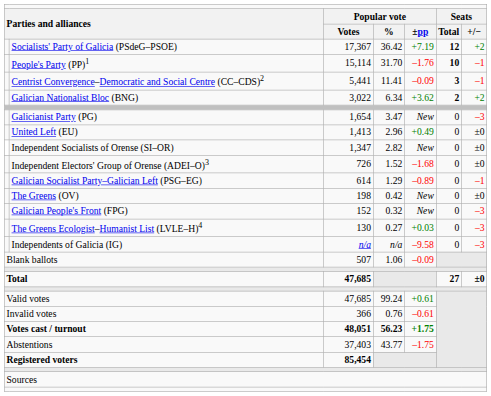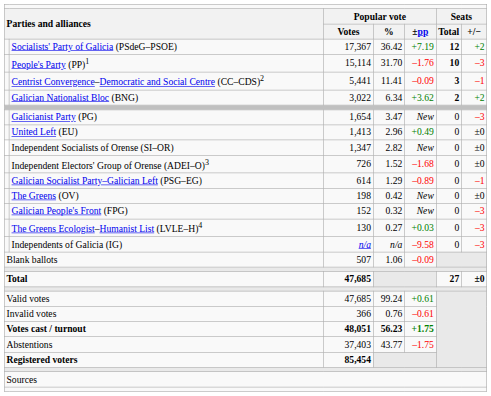 <table class="wikitable" style="text-align:right;">
 <tr>
 <td colspan="7"></td>
 </tr>
 <tr>
 <th style="text-align:left;" rowspan="2" colspan="2" width="525">Parties and alliances</th>
 <th colspan="3">Popular vote</th>
 <th colspan="2">Seats</th>
 </tr>
 <tr>
 <th width="75">Votes</th>
 <th width="45">%</th>
 <th width="45">±<a href='#'>pp</a></th>
 <th width="35">Total</th>
 <th width="35">+/−</th>
 </tr>
 <tr>
 <td width="1" style="color:inherit;background:"></td>
 <td align="left"><a href='#'>Socialists' Party of Galicia</a> (PSdeG–PSOE)</td>
 <td>17,367</td>
 <td>36.42</td>
 <td style="color:green;">+7.19</td>
 <td><strong>12</strong></td>
 <td style="color:green;">+2</td>
 </tr>
 <tr>
 <td style="color:inherit;background:"></td>
 <td align="left"><a href='#'>People's Party</a> (PP)<sup>1</sup></td>
 <td>15,114</td>
 <td>31.70</td>
 <td style="color:red;">–1.76</td>
 <td><strong>10</strong></td>
-<td style="color:red;">–1</td>
+<td style="color:red;">–3</td>
 </tr>
 <tr>
 <td style="color:inherit;background:"></td>
 <td align="left"><a href='#'>Centrist Convergence</a>–<a href='#'>Democratic and Social Centre</a> (CC–CDS)<sup>2</sup></td>
 <td>5,441</td>
 <td>11.41</td>
 <td style="color:red;">–0.09</td>
 <td><strong>3</strong></td>
 <td style="color:red;">–1</td>
 </tr>
 <tr>
 <td style="color:inherit;background:"></td>
 <td align="left"><a href='#'>Galician Nationalist Bloc</a> (BNG)</td>
 <td>3,022</td>
 <td>6.34</td>
 <td style="color:green;">+3.62</td>
 <td><strong>2</strong></td>
 <td style="color:green;">+2</td>
 </tr>
 <tr>
 <td colspan="7" bgcolor="#C0C0C0"></td>
 </tr>
 <tr>
 <td style="color:inherit;background:"></td>
 <td align="left"><a href='#'>Galicianist Party</a> (PG)</td>
 <td>1,654</td>
 <td>3.47</td>
 <td><em>New</em></td>
 <td>0</td>
 <td style="color:red;">–3</td>
 </tr>
 <tr>
 <td style="color:inherit;background:"></td>
 <td align="left"><a href='#'>United Left</a> (EU)</td>
 <td>1,413</td>
 <td>2.96</td>
 <td style="color:green;">+0.49</td>
 <td>0</td>
 <td>±0</td>
 </tr>
 <tr>
 <td bgcolor="white"></td>
 <td align="left">Independent Socialists of Orense (SI–OR)</td>
 <td>1,347</td>
 <td>2.82</td>
 <td><em>New</em></td>
 <td>0</td>
 <td>±0</td>
 </tr>
 <tr>
 <td style="color:inherit;background:"></td>
 <td align="left">Independent Electors' Group of Orense (ADEI–O)<sup>3</sup></td>
 <td>726</td>
 <td>1.52</td>
 <td style="color:red;">–1.68</td>
 <td>0</td>
 <td>±0</td>
 </tr>
 <tr>
 <td style="color:inherit;background:"></td>
 <td align="left"><a href='#'>Galician Socialist Party–Galician Left</a> (PSG–EG)</td>
 <td>614</td>
 <td>1.29</td>
 <td style="color:red;">–0.89</td>
 <td>0</td>
 <td style="color:red;">–1</td>
 </tr>
 <tr>
 <td style="color:inherit;background:"></td>
 <td align="left"><a href='#'>The Greens</a> (OV)</td>
 <td>198</td>
 <td>0.42</td>
 <td><em>New</em></td>
 <td>0</td>
 <td>±0</td>
 </tr>
 <tr>
 <td style="color:inherit;background:"></td>
 <td align="left"><a href='#'>Galician People's Front</a> (FPG)</td>
 <td>152</td>
 <td>0.32</td>
 <td><em>New</em></td>
 <td>0</td>
 <td style="color:red;">–3</td>
 </tr>
 <tr>
 <td style="color:inherit;background:"></td>
 <td align="left"><a href='#'>The Greens Ecologist</a>–<a href='#'>Humanist List</a> (LVLE–H)<sup>4</sup></td>
 <td>130</td>
 <td>0.27</td>
 <td style="color:green;">+0.03</td>
 <td>0</td>
 <td style="color:red;">–3</td>
 </tr>
 <tr>
 <td style="color:inherit;background:"></td>
 <td align="left">Independents of Galicia (IG)</td>
 <td><em><a href='#'>n/a</a></em></td>
 <td><em>n/a</em></td>
 <td style="color:red;">–9.58</td>
 <td>0</td>
 <td style="color:red;">–3</td>
 </tr>
 <tr>
 <td align="left" colspan="2">Blank ballots</td>
 <td>507</td>
 <td>1.06</td>
 <td style="color:red;">–0.09</td>
 <td bgcolor="#E9E9E9" colspan="2"></td>
 </tr>
 <tr>
 <td colspan="7" bgcolor="#E9E9E9"></td>
 </tr>
 <tr style="font-weight:bold;">
 <td align="left" colspan="2">Total</td>
 <td>47,685</td>
 <td bgcolor="#E9E9E9" colspan="2"></td>
 <td>27</td>
 <td>±0</td>
 </tr>
 <tr>
 <td colspan="7" bgcolor="#E9E9E9"></td>
 </tr>
 <tr>
 <td align="left" colspan="2">Valid votes</td>
 <td>47,685</td>
 <td>99.24</td>
 <td style="color:green;">+0.61</td>
 <td bgcolor="#E9E9E9" colspan="2" rowspan="5"></td>
 </tr>
 <tr>
 <td align="left" colspan="2">Invalid votes</td>
 <td>366</td>
 <td>0.76</td>
 <td style="color:red;">–0.61</td>
 </tr>
 <tr style="font-weight:bold;">
 <td align="left" colspan="2">Votes cast / turnout</td>
 <td>48,051</td>
 <td>56.23</td>
 <td style="color:green;">+1.75</td>
 </tr>
 <tr>
 <td align="left" colspan="2">Abstentions</td>
 <td>37,403</td>
 <td>43.77</td>
 <td style="color:red;">–1.75</td>
 </tr>
 <tr style="font-weight:bold;">
 <td align="left" colspan="2">Registered voters</td>
 <td>85,454</td>
 <td bgcolor="#E9E9E9" colspan="2"></td>
 </tr>
 <tr>
 <td colspan="7" bgcolor="#E9E9E9"></td>
 </tr>
 <tr>
 <td align="left" colspan="7">Sources</td>
 </tr>
 <tr>
 <td colspan="7" style="text-align:left; max-width:790px;"></td>
 </tr>
 </table>
